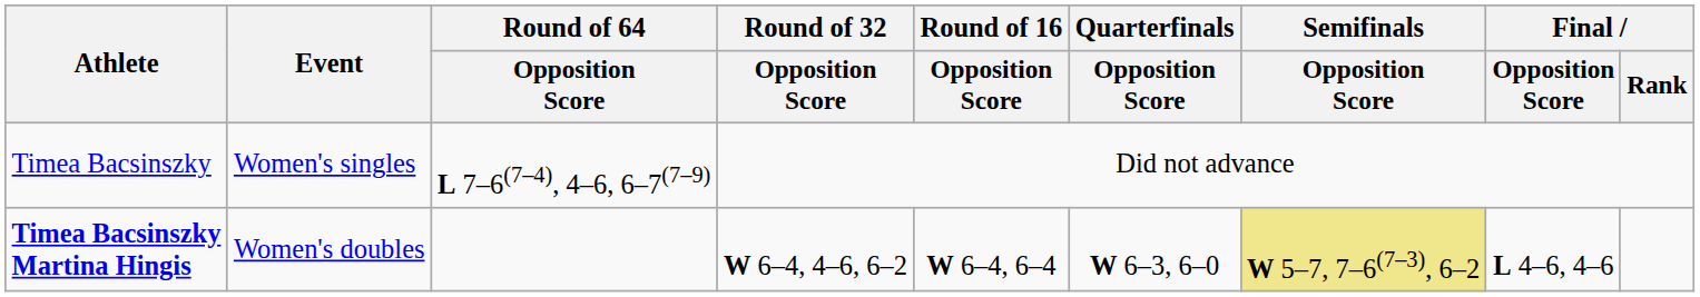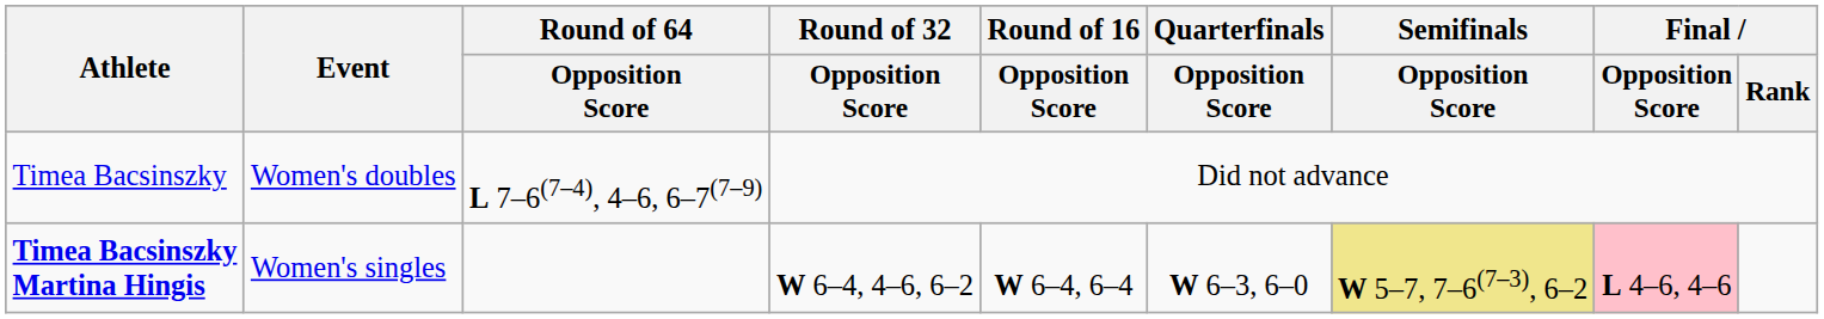 <table class=wikitable style="font-size:90%">
 <tr>
 <th rowspan="2">Athlete</th>
 <th rowspan="2">Event</th>
 <th>Round of 64</th>
 <th>Round of 32</th>
 <th>Round of 16</th>
 <th>Quarterfinals</th>
 <th>Semifinals</th>
 <th colspan=2>Final / </th>
 </tr>
 <tr style="font-size:95%">
 <th>Opposition<br>Score</th>
 <th>Opposition<br>Score</th>
 <th>Opposition<br>Score</th>
 <th>Opposition<br>Score</th>
 <th>Opposition<br>Score</th>
 <th>Opposition<br>Score</th>
 <th>Rank</th>
 </tr>
 <tr align=center>
 <td align=left><a href='#'>Timea Bacsinszky</a></td>
-<td align=left><a href='#'>Women's singles</a></td>
+<td align=left><a href='#'>Women's doubles</a></td>
 <td><br><strong>L</strong> 7–6<sup>(7–4)</sup>, 4–6, 6–7<sup>(7–9)</sup></td>
 <td colspan=6>Did not advance</td>
 </tr>
 <tr align=center>
 <td align=left><strong><a href='#'>Timea Bacsinszky</a><br><a href='#'>Martina Hingis</a></strong></td>
-<td align=left><a href='#'>Women's doubles</a></td>
+<td align=left><a href='#'>Women's singles</a></td>
 <td></td>
 <td><br><strong>W</strong> 6–4, 4–6, 6–2</td>
 <td><br><strong>W</strong> 6–4, 6–4</td>
 <td><br><strong>W</strong> 6–3, 6–0</td>
 <td style="background: khaki;"><br><strong>W</strong> 5–7, 7–6<sup>(7–3)</sup>, 6–2</td>
-<td><br><strong>L</strong> 4–6, 4–6</td>
+<td style="background: pink;"><br><strong>L</strong> 4–6, 4–6</td>
 <td></td>
 </tr>
 </table>
